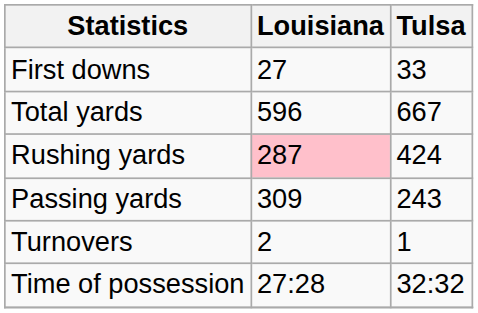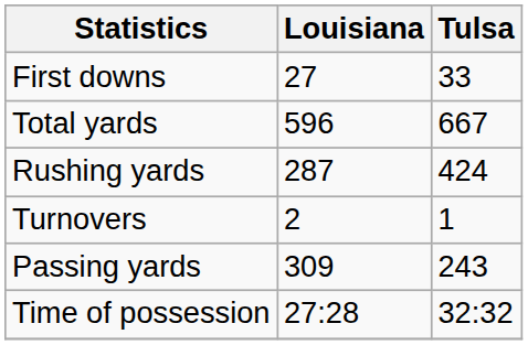 <table class="wikitable">
 <tr>
 <th>Statistics</th>
 <th>Louisiana</th>
 <th>Tulsa</th>
 </tr>
 <tr>
 <td>First downs</td>
 <td>27</td>
 <td>33</td>
 </tr>
 <tr>
 <td>Total yards</td>
 <td>596</td>
 <td>667</td>
 </tr>
 <tr>
 <td>Rushing yards</td>
-<td style="background: pink;">287</td>
+<td>287</td>
 <td>424</td>
+</tr>
+<tr>
+<td>Turnovers</td>
+<td>2</td>
+<td>1</td>
 </tr>
 <tr>
 <td>Passing yards</td>
 <td>309</td>
 <td>243</td>
-</tr>
-<tr>
-<td>Turnovers</td>
-<td>2</td>
-<td>1</td>
 </tr>
 <tr>
 <td>Time of possession</td>
 <td>27:28</td>
 <td>32:32</td>
 </tr>
 <tr>
 </tr>
 </table>
